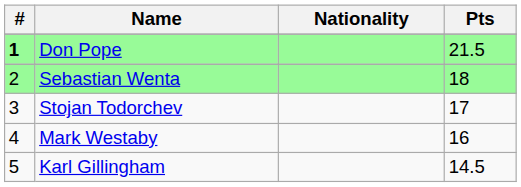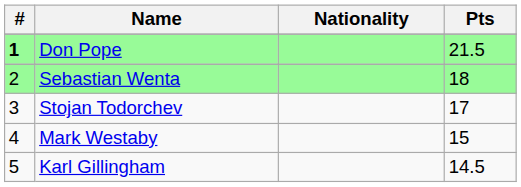 <table class="wikitable" style="display: inline-table; width: 50%;">
 <tr>
 <th>#</th>
 <th>Name</th>
 <th>Nationality</th>
 <th>Pts</th>
 </tr>
 <tr>
 </tr>
 <tr style="background:palegreen">
 <td><strong>1</strong></td>
 <td><a href='#'>Don Pope</a></td>
 <td></td>
 <td>21.5</td>
 </tr>
 <tr>
 </tr>
 <tr style="background:palegreen">
 <td>2</td>
 <td><a href='#'>Sebastian Wenta</a></td>
 <td></td>
 <td>18</td>
 </tr>
 <tr>
 <td>3</td>
 <td><a href='#'>Stojan Todorchev</a></td>
 <td></td>
 <td>17</td>
 </tr>
 <tr>
 <td>4</td>
 <td><a href='#'>Mark Westaby</a></td>
 <td></td>
-<td>16</td>
+<td>15</td>
 </tr>
 <tr>
 <td>5</td>
 <td><a href='#'>Karl Gillingham</a></td>
 <td></td>
 <td>14.5</td>
 </tr>
 </table>
